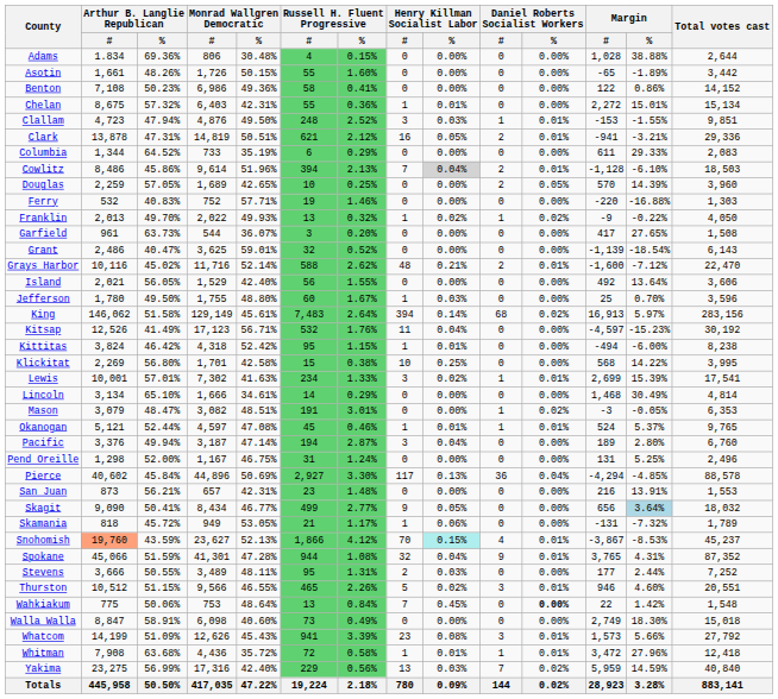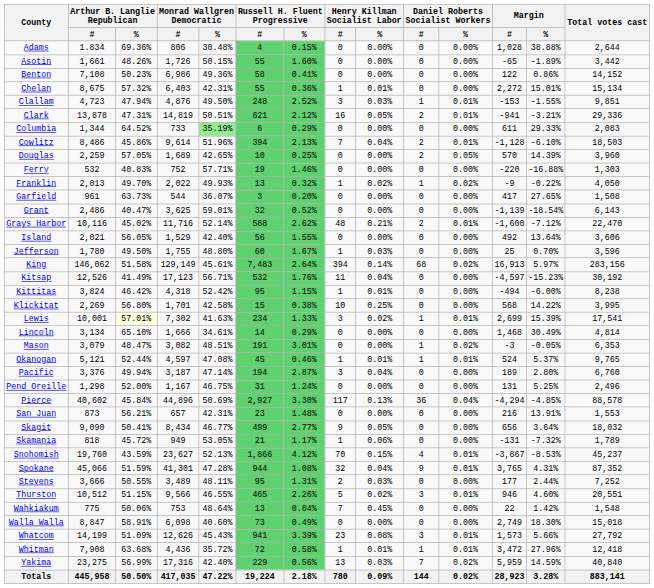 <table class="wikitable sortable">
 <tr>
 <th style="text-align:center;" rowspan="2">County</th>
 <th style="text-align:center;" colspan="2">Arthur B. Langlie<br>Republican</th>
 <th style="text-align:center;" colspan="2">Monrad Wallgren<br>Democratic</th>
 <th style="text-align:center;" colspan="2">Russell H. Fluent<br>Progressive</th>
 <th style="text-align:center;" colspan="2">Henry Killman<br>Socialist Labor</th>
 <th style="text-align:center;" colspan="2">Daniel Roberts<br>Socialist Workers</th>
 <th style="text-align:center;" colspan="2">Margin</th>
 <th style="text-align:center;" rowspan="2">Total votes cast</th>
 </tr>
 <tr bgcolor="lightgrey">
 <th style="text-align:center;" data-sort-type="number">#</th>
 <th style="text-align:center;" data-sort-type="number">%</th>
 <th style="text-align:center;" data-sort-type="number">#</th>
 <th style="text-align:center;" data-sort-type="number">%</th>
 <th style="text-align:center;" data-sort-type="number">#</th>
 <th style="text-align:center;" data-sort-type="number">%</th>
 <th style="text-align:center;" data-sort-type="number">#</th>
 <th style="text-align:center;" data-sort-type="number">%</th>
 <th style="text-align:center;" data-sort-type="number">#</th>
 <th style="text-align:center;" data-sort-type="number">%</th>
 <th style="text-align:center;" data-sort-type="number">#</th>
 <th style="text-align:center;" data-sort-type="number">%</th>
 </tr>
 <tr style="text-align:center;">
 <td><a href='#'>Adams</a></td>
 <td>1.834</td>
 <td>69.36%</td>
 <td>806</td>
 <td>30.48%</td>
 <td bgcolor="#5FD170">4</td>
 <td bgcolor="#5FD170">0.15%</td>
 <td>0</td>
 <td>0.00%</td>
 <td>0</td>
 <td>0.00%</td>
 <td>1,028</td>
 <td>38.88%</td>
 <td>2,644</td>
 </tr>
 <tr style="text-align:center;">
 <td><a href='#'>Asotin</a></td>
 <td>1,661</td>
 <td>48.26%</td>
 <td>1,726</td>
 <td>50.15%</td>
 <td bgcolor="#5FD170">55</td>
 <td bgcolor="#5FD170">1.60%</td>
 <td>0</td>
 <td>0.00%</td>
 <td>0</td>
 <td>0.00%</td>
 <td>-65</td>
 <td>-1.89%</td>
 <td>3,442</td>
 </tr>
 <tr style="text-align:center;">
 <td><a href='#'>Benton</a></td>
 <td>7,108</td>
 <td>50.23%</td>
 <td>6,986</td>
 <td>49.36%</td>
 <td bgcolor="#5FD170">58</td>
 <td bgcolor="#5FD170">0.41%</td>
 <td>0</td>
 <td>0.00%</td>
 <td>0</td>
 <td>0.00%</td>
 <td>122</td>
 <td>0.86%</td>
 <td>14,152</td>
 </tr>
 <tr style="text-align:center;">
 <td><a href='#'>Chelan</a></td>
 <td>8,675</td>
 <td>57.32%</td>
 <td>6,403</td>
 <td>42.31%</td>
 <td bgcolor="#5FD170">55</td>
 <td bgcolor="#5FD170">0.36%</td>
 <td>1</td>
 <td>0.01%</td>
 <td>0</td>
 <td>0.00%</td>
 <td>2,272</td>
 <td>15.01%</td>
 <td>15,134</td>
 </tr>
 <tr style="text-align:center;">
 <td><a href='#'>Clallam</a></td>
 <td>4,723</td>
 <td>47.94%</td>
 <td>4,876</td>
 <td>49.50%</td>
 <td bgcolor="#5FD170">248</td>
 <td bgcolor="#5FD170">2.52%</td>
 <td>3</td>
 <td>0.03%</td>
 <td>1</td>
 <td>0.01%</td>
 <td>-153</td>
 <td>-1.55%</td>
 <td>9,851</td>
 </tr>
 <tr style="text-align:center;">
 <td><a href='#'>Clark</a></td>
 <td>13,878</td>
 <td>47.31%</td>
 <td>14,819</td>
 <td>50.51%</td>
 <td bgcolor="#5FD170">621</td>
 <td bgcolor="#5FD170">2.12%</td>
 <td>16</td>
 <td>0.05%</td>
 <td>2</td>
 <td>0.01%</td>
 <td>-941</td>
 <td>-3.21%</td>
 <td>29,336</td>
 </tr>
 <tr style="text-align:center;">
 <td><a href='#'>Columbia</a></td>
 <td>1,344</td>
 <td>64.52%</td>
 <td>733</td>
-<td>35.19%</td>
+<td style="background: lightgreen;">35.19%</td>
 <td bgcolor="#5FD170">6</td>
 <td bgcolor="#5FD170">0.29%</td>
 <td>0</td>
 <td>0.00%</td>
 <td>0</td>
 <td>0.00%</td>
 <td>611</td>
 <td>29.33%</td>
 <td>2,083</td>
 </tr>
 <tr style="text-align:center;">
 <td><a href='#'>Cowlitz</a></td>
 <td>8,486</td>
 <td>45.86%</td>
 <td>9,614</td>
 <td>51.96%</td>
 <td bgcolor="#5FD170">394</td>
 <td bgcolor="#5FD170">2.13%</td>
 <td>7</td>
-<td style="background: lightgrey;">0.04%</td>
+<td>0.04%</td>
 <td>2</td>
 <td>0.01%</td>
 <td>-1,128</td>
 <td>-6.10%</td>
 <td>18,503</td>
 </tr>
 <tr style="text-align:center;">
 <td><a href='#'>Douglas</a></td>
 <td>2,259</td>
 <td>57.05%</td>
 <td>1,689</td>
 <td>42.65%</td>
 <td bgcolor="#5FD170">10</td>
 <td bgcolor="#5FD170">0.25%</td>
 <td>0</td>
 <td>0.00%</td>
 <td>2</td>
 <td>0.05%</td>
 <td>570</td>
 <td>14.39%</td>
 <td>3,960</td>
 </tr>
 <tr style="text-align:center;">
 <td><a href='#'>Ferry</a></td>
 <td>532</td>
 <td>40.83%</td>
 <td>752</td>
 <td>57.71%</td>
 <td bgcolor="#5FD170">19</td>
 <td bgcolor="#5FD170">1.46%</td>
 <td>0</td>
 <td>0.00%</td>
 <td>0</td>
 <td>0.00%</td>
 <td>-220</td>
 <td>-16.88%</td>
 <td>1,303</td>
 </tr>
 <tr style="text-align:center;">
 <td><a href='#'>Franklin</a></td>
 <td>2,013</td>
 <td>49.70%</td>
 <td>2,022</td>
 <td>49.93%</td>
 <td bgcolor="#5FD170">13</td>
 <td bgcolor="#5FD170">0.32%</td>
 <td>1</td>
 <td>0.02%</td>
 <td>1</td>
 <td>0.02%</td>
 <td>-9</td>
 <td>-0.22%</td>
 <td>4,050</td>
 </tr>
 <tr style="text-align:center;">
 <td><a href='#'>Garfield</a></td>
 <td>961</td>
 <td>63.73%</td>
 <td>544</td>
 <td>36.07%</td>
 <td bgcolor="#5FD170">3</td>
 <td bgcolor="#5FD170">0.20%</td>
 <td>0</td>
 <td>0.00%</td>
 <td>0</td>
 <td>0.00%</td>
 <td>417</td>
 <td>27.65%</td>
 <td>1,508</td>
 </tr>
 <tr style="text-align:center;">
 <td><a href='#'>Grant</a></td>
 <td>2,486</td>
 <td>40.47%</td>
 <td>3,625</td>
 <td>59.01%</td>
 <td bgcolor="#5FD170">32</td>
 <td bgcolor="#5FD170">0.52%</td>
 <td>0</td>
 <td>0.00%</td>
 <td>0</td>
 <td>0.00%</td>
 <td>-1,139</td>
 <td>-18.54%</td>
 <td>6,143</td>
 </tr>
 <tr style="text-align:center;">
 <td><a href='#'>Grays Harbor</a></td>
 <td>10,116</td>
 <td>45.02%</td>
 <td>11,716</td>
 <td>52.14%</td>
 <td bgcolor="#5FD170">588</td>
 <td bgcolor="#5FD170">2.62%</td>
 <td>48</td>
 <td>0.21%</td>
 <td>2</td>
 <td>0.01%</td>
 <td>-1,600</td>
 <td>-7.12%</td>
 <td>22,470</td>
 </tr>
 <tr style="text-align:center;">
 <td><a href='#'>Island</a></td>
 <td>2,021</td>
 <td>56.05%</td>
 <td>1,529</td>
 <td>42.40%</td>
 <td bgcolor="#5FD170">56</td>
 <td bgcolor="#5FD170">1.55%</td>
 <td>0</td>
 <td>0.00%</td>
 <td>0</td>
 <td>0.00%</td>
 <td>492</td>
 <td>13.64%</td>
 <td>3,606</td>
 </tr>
 <tr style="text-align:center;">
 <td><a href='#'>Jefferson</a></td>
 <td>1,780</td>
 <td>49.50%</td>
 <td>1,755</td>
 <td>48.80%</td>
 <td bgcolor="#5FD170">60</td>
 <td bgcolor="#5FD170">1.67%</td>
 <td>1</td>
 <td>0.03%</td>
 <td>0</td>
 <td>0.00%</td>
 <td>25</td>
 <td>0.70%</td>
 <td>3,596</td>
 </tr>
 <tr style="text-align:center;">
 <td><a href='#'>King</a></td>
 <td>146,062</td>
 <td>51.58%</td>
 <td>129,149</td>
 <td>45.61%</td>
 <td bgcolor="#5FD170">7,483</td>
 <td bgcolor="#5FD170">2.64%</td>
 <td>394</td>
 <td>0.14%</td>
 <td>68</td>
 <td>0.02%</td>
 <td>16,913</td>
 <td>5.97%</td>
 <td>283,156</td>
 </tr>
 <tr style="text-align:center;">
 <td><a href='#'>Kitsap</a></td>
 <td>12,526</td>
 <td>41.49%</td>
 <td>17,123</td>
 <td>56.71%</td>
 <td bgcolor="#5FD170">532</td>
 <td bgcolor="#5FD170">1.76%</td>
 <td>11</td>
 <td>0.04%</td>
 <td>0</td>
 <td>0.00%</td>
 <td>-4,597</td>
 <td>-15.23%</td>
 <td>30,192</td>
 </tr>
 <tr style="text-align:center;">
 <td><a href='#'>Kittitas</a></td>
 <td>3,824</td>
 <td>46.42%</td>
 <td>4,318</td>
 <td>52.42%</td>
 <td bgcolor="#5FD170">95</td>
 <td bgcolor="#5FD170">1.15%</td>
 <td>1</td>
 <td>0.01%</td>
 <td>0</td>
 <td>0.00%</td>
 <td>-494</td>
 <td>-6.00%</td>
 <td>8,238</td>
 </tr>
 <tr style="text-align:center;">
 <td><a href='#'>Klickitat</a></td>
 <td>2,269</td>
 <td>56.80%</td>
 <td>1,701</td>
 <td>42.58%</td>
 <td bgcolor="#5FD170">15</td>
 <td bgcolor="#5FD170">0.38%</td>
 <td>10</td>
 <td>0.25%</td>
 <td>0</td>
 <td>0.00%</td>
 <td>568</td>
 <td>14.22%</td>
 <td>3,995</td>
 </tr>
 <tr style="text-align:center;">
 <td><a href='#'>Lewis</a></td>
 <td>10,001</td>
-<td>57.01%</td>
+<td style="background: lightyellow;">57.01%</td>
 <td>7,302</td>
 <td>41.63%</td>
 <td bgcolor="#5FD170">234</td>
 <td bgcolor="#5FD170">1.33%</td>
 <td>3</td>
 <td>0.02%</td>
 <td>1</td>
 <td>0.01%</td>
 <td>2,699</td>
 <td>15.39%</td>
 <td>17,541</td>
 </tr>
 <tr style="text-align:center;">
 <td><a href='#'>Lincoln</a></td>
 <td>3,134</td>
 <td>65.10%</td>
 <td>1,666</td>
 <td>34.61%</td>
 <td bgcolor="#5FD170">14</td>
 <td bgcolor="#5FD170">0.29%</td>
 <td>0</td>
 <td>0.00%</td>
 <td>0</td>
 <td>0.00%</td>
 <td>1,468</td>
 <td>30.49%</td>
 <td>4,814</td>
 </tr>
 <tr style="text-align:center;">
 <td><a href='#'>Mason</a></td>
 <td>3,079</td>
 <td>48.47%</td>
 <td>3,082</td>
 <td>48.51%</td>
 <td bgcolor="#5FD170">191</td>
 <td bgcolor="#5FD170">3.01%</td>
 <td>0</td>
 <td>0.00%</td>
 <td>1</td>
 <td>0.02%</td>
 <td>-3</td>
 <td>-0.05%</td>
 <td>6,353</td>
 </tr>
 <tr style="text-align:center;">
 <td><a href='#'>Okanogan</a></td>
 <td>5,121</td>
 <td>52.44%</td>
 <td>4,597</td>
 <td>47.08%</td>
 <td bgcolor="#5FD170">45</td>
 <td bgcolor="#5FD170">0.46%</td>
 <td>1</td>
 <td>0.01%</td>
 <td>1</td>
 <td>0.01%</td>
 <td>524</td>
 <td>5.37%</td>
 <td>9,765</td>
 </tr>
 <tr style="text-align:center;">
 <td><a href='#'>Pacific</a></td>
 <td>3,376</td>
 <td>49.94%</td>
 <td>3,187</td>
 <td>47.14%</td>
 <td bgcolor="#5FD170">194</td>
 <td bgcolor="#5FD170">2.87%</td>
 <td>3</td>
 <td>0.04%</td>
 <td>0</td>
 <td>0.00%</td>
 <td>189</td>
 <td>2.80%</td>
 <td>6,760</td>
 </tr>
 <tr style="text-align:center;">
 <td><a href='#'>Pend Oreille</a></td>
 <td>1,298</td>
 <td>52.00%</td>
 <td>1,167</td>
 <td>46.75%</td>
 <td bgcolor="#5FD170">31</td>
 <td bgcolor="#5FD170">1.24%</td>
 <td>0</td>
 <td>0.00%</td>
 <td>0</td>
 <td>0.00%</td>
 <td>131</td>
 <td>5.25%</td>
 <td>2,496</td>
 </tr>
 <tr style="text-align:center;">
 <td><a href='#'>Pierce</a></td>
 <td>40,602</td>
 <td>45.84%</td>
 <td>44,896</td>
 <td>50.69%</td>
 <td bgcolor="#5FD170">2,927</td>
 <td bgcolor="#5FD170">3.30%</td>
 <td>117</td>
 <td>0.13%</td>
 <td>36</td>
 <td>0.04%</td>
 <td>-4,294</td>
 <td>-4.85%</td>
 <td>88,578</td>
 </tr>
 <tr style="text-align:center;">
 <td><a href='#'>San Juan</a></td>
 <td>873</td>
 <td>56.21%</td>
 <td>657</td>
 <td>42.31%</td>
 <td bgcolor="#5FD170">23</td>
 <td bgcolor="#5FD170">1.48%</td>
 <td>0</td>
 <td>0.00%</td>
 <td>0</td>
 <td>0.00%</td>
 <td>216</td>
 <td>13.91%</td>
 <td>1,553</td>
 </tr>
 <tr style="text-align:center;">
 <td><a href='#'>Skagit</a></td>
 <td>9,090</td>
 <td>50.41%</td>
 <td>8,434</td>
 <td>46.77%</td>
 <td bgcolor="#5FD170">499</td>
 <td bgcolor="#5FD170">2.77%</td>
 <td>9</td>
 <td>0.05%</td>
 <td>0</td>
 <td>0.00%</td>
 <td>656</td>
-<td style="background: lightblue;">3.64%</td>
+<td>3.64%</td>
 <td>18,032</td>
 </tr>
 <tr style="text-align:center;">
 <td><a href='#'>Skamania</a></td>
 <td>818</td>
 <td>45.72%</td>
 <td>949</td>
 <td>53.05%</td>
 <td bgcolor="#5FD170">21</td>
 <td bgcolor="#5FD170">1.17%</td>
 <td>1</td>
 <td>0.06%</td>
 <td>0</td>
 <td>0.00%</td>
 <td>-131</td>
 <td>-7.32%</td>
 <td>1,789</td>
 </tr>
 <tr style="text-align:center;">
 <td><a href='#'>Snohomish</a></td>
-<td style="background: lightsalmon;">19,760</td>
+<td>19,760</td>
 <td>43.59%</td>
 <td>23,627</td>
 <td>52.13%</td>
 <td bgcolor="#5FD170">1,866</td>
 <td bgcolor="#5FD170">4.12%</td>
 <td>70</td>
-<td style="background: paleturquoise;">0.15%</td>
+<td>0.15%</td>
 <td>4</td>
 <td>0.01%</td>
 <td>-3,867</td>
 <td>-8.53%</td>
 <td>45,237</td>
 </tr>
 <tr style="text-align:center;">
 <td><a href='#'>Spokane</a></td>
 <td>45,066</td>
 <td>51.59%</td>
 <td>41,301</td>
 <td>47.28%</td>
 <td bgcolor="#5FD170">944</td>
 <td bgcolor="#5FD170">1.08%</td>
 <td>32</td>
 <td>0.04%</td>
 <td>9</td>
 <td>0.01%</td>
 <td>3,765</td>
 <td>4.31%</td>
 <td>87,352</td>
 </tr>
 <tr style="text-align:center;">
 <td><a href='#'>Stevens</a></td>
 <td>3,666</td>
 <td>50.55%</td>
 <td>3,489</td>
 <td>48.11%</td>
 <td bgcolor="#5FD170">95</td>
 <td bgcolor="#5FD170">1.31%</td>
 <td>2</td>
 <td>0.03%</td>
 <td>0</td>
 <td>0.00%</td>
 <td>177</td>
 <td>2.44%</td>
 <td>7,252</td>
 </tr>
 <tr style="text-align:center;">
 <td><a href='#'>Thurston</a></td>
 <td>10,512</td>
 <td>51.15%</td>
 <td>9,566</td>
 <td>46.55%</td>
 <td bgcolor="#5FD170">465</td>
 <td bgcolor="#5FD170">2.26%</td>
 <td>5</td>
 <td>0.02%</td>
 <td>3</td>
 <td>0.01%</td>
 <td>946</td>
 <td>4.60%</td>
 <td>20,551</td>
 </tr>
 <tr style="text-align:center;">
 <td><a href='#'>Wahkiakum</a></td>
 <td>775</td>
 <td>50.06%</td>
 <td>753</td>
 <td>48.64%</td>
 <td bgcolor="#5FD170">13</td>
 <td bgcolor="#5FD170">0.84%</td>
 <td>7</td>
 <td>0.45%</td>
 <td>0</td>
-<td><strong>0.00%</strong></td>
+<td>0.00%</td>
 <td>22</td>
 <td>1.42%</td>
 <td>1,548</td>
 </tr>
 <tr style="text-align:center;">
 <td><a href='#'>Walla Walla</a></td>
 <td>8,847</td>
 <td>58.91%</td>
 <td>6,098</td>
 <td>40.60%</td>
 <td bgcolor="#5FD170">73</td>
 <td bgcolor="#5FD170">0.49%</td>
 <td>0</td>
 <td>0.00%</td>
 <td>0</td>
 <td>0.00%</td>
 <td>2,749</td>
 <td>18.30%</td>
 <td>15,018</td>
 </tr>
 <tr style="text-align:center;">
 <td><a href='#'>Whatcom</a></td>
 <td>14,199</td>
 <td>51.09%</td>
 <td>12,626</td>
 <td>45.43%</td>
 <td bgcolor="#5FD170">941</td>
 <td bgcolor="#5FD170">3.39%</td>
 <td>23</td>
 <td>0.08%</td>
 <td>3</td>
 <td>0.01%</td>
 <td>1,573</td>
 <td>5.66%</td>
 <td>27,792</td>
 </tr>
 <tr style="text-align:center;">
 <td><a href='#'>Whitman</a></td>
 <td>7,908</td>
 <td>63.68%</td>
 <td>4,436</td>
 <td>35.72%</td>
 <td bgcolor="#5FD170">72</td>
 <td bgcolor="#5FD170">0.58%</td>
 <td>1</td>
 <td>0.01%</td>
 <td>1</td>
 <td>0.01%</td>
 <td>3,472</td>
 <td>27.96%</td>
 <td>12,418</td>
 </tr>
 <tr style="text-align:center;">
 <td><a href='#'>Yakima</a></td>
 <td>23,275</td>
 <td>56.99%</td>
 <td>17,316</td>
 <td>42.40%</td>
 <td bgcolor="#5FD170">229</td>
 <td bgcolor="#5FD170">0.56%</td>
 <td>13</td>
 <td>0.03%</td>
 <td>7</td>
 <td>0.02%</td>
 <td>5,959</td>
 <td>14.59%</td>
 <td>40,840</td>
 </tr>
 <tr>
 <th>Totals</th>
 <th>445,958</th>
 <th>50.50%</th>
 <th>417,035</th>
 <th>47.22%</th>
 <th>19,224</th>
 <th>2.18%</th>
 <th>780</th>
 <th>0.09%</th>
 <th>144</th>
 <th>0.02%</th>
 <th>28,923</th>
 <th>3.28%</th>
 <th>883,141</th>
 </tr>
 </table>
